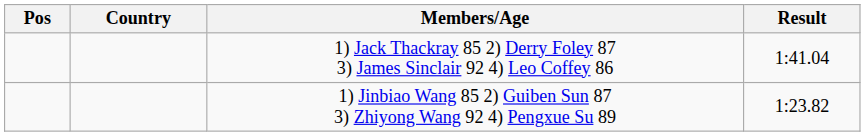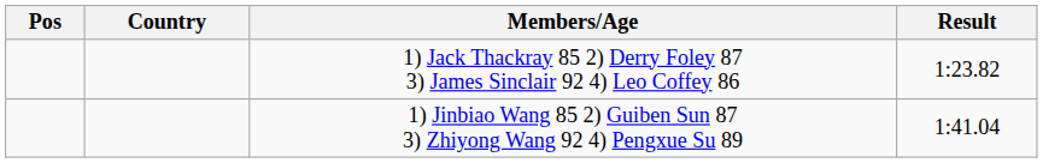 <table class="wikitable"  style="text-align:center; width:60%;">
 <tr>
 <th>Pos</th>
 <th>Country</th>
 <th>Members/Age</th>
 <th>Result</th>
 </tr>
 <tr>
 <td align=center></td>
 <td align=left></td>
 <td>1) <a href='#'>Jack Thackray</a> 85 2) <a href='#'>Derry Foley</a> 87<br>3) <a href='#'>James Sinclair</a> 92 4) <a href='#'>Leo Coffey</a> 86</td>
-<td>1:41.04</td>
+<td>1:23.82</td>
 </tr>
 <tr>
 <td align=center></td>
 <td align=left></td>
 <td>1) <a href='#'>Jinbiao Wang</a> 85 2) <a href='#'>Guiben Sun</a> 87<br>3) <a href='#'>Zhiyong Wang</a> 92 4) <a href='#'>Pengxue Su</a> 89</td>
-<td>1:23.82</td>
+<td>1:41.04</td>
 </tr>
 </table>
